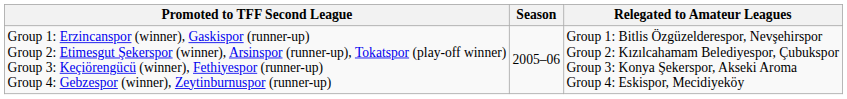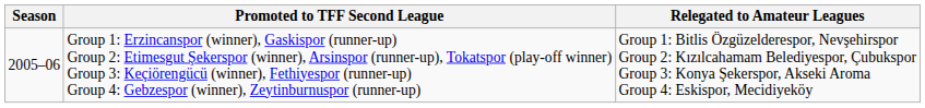 <table class="wikitable">
 <tr>
+<th>Season</th>
 <th>Promoted to TFF Second League</th>
-<th>Season</th>
 <th>Relegated to Amateur Leagues</th>
 </tr>
 <tr>
+<td>2005–06</td>
 <td>Group 1: <a href='#'>Erzincanspor</a> (winner), <a href='#'>Gaskispor</a> (runner-up)<br>Group 2: <a href='#'>Etimesgut Şekerspor</a> (winner), <a href='#'>Arsinspor</a> (runner-up), <a href='#'>Tokatspor</a> (play-off winner)<br>Group 3: <a href='#'>Keçiörengücü</a> (winner), <a href='#'>Fethiyespor</a> (runner-up)<br>Group 4: <a href='#'>Gebzespor</a> (winner), <a href='#'>Zeytinburnuspor</a> (runner-up)</td>
-<td>2005–06</td>
 <td>Group 1: Bitlis Özgüzelderespor, Nevşehirspor<br>Group 2: Kızılcahamam Belediyespor, Çubukspor<br>Group 3: Konya Şekerspor, Akseki Aroma <br>Group 4: Eskispor, Mecidiyeköy</td>
 </tr>
 </table>
